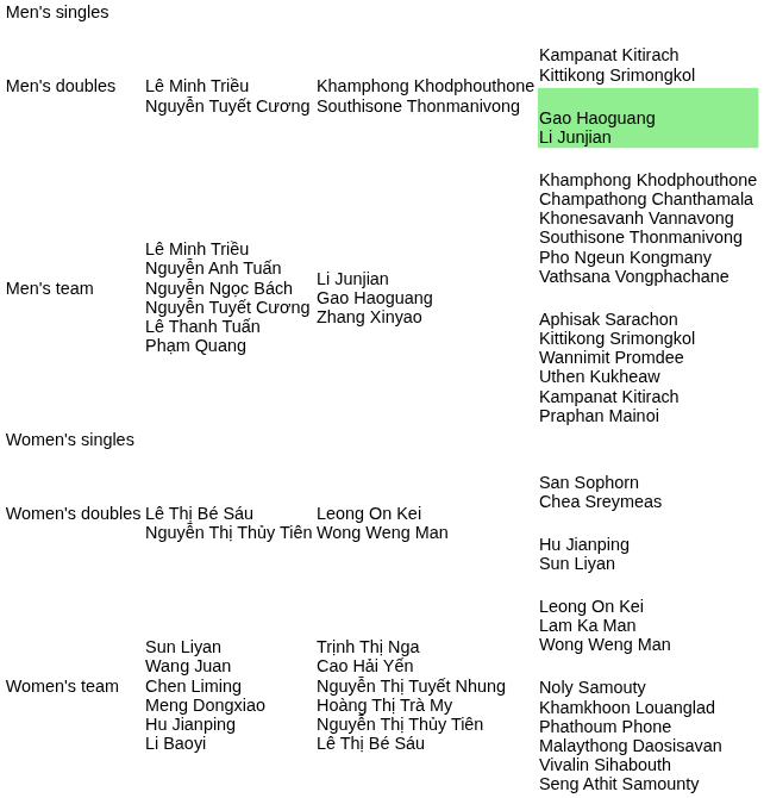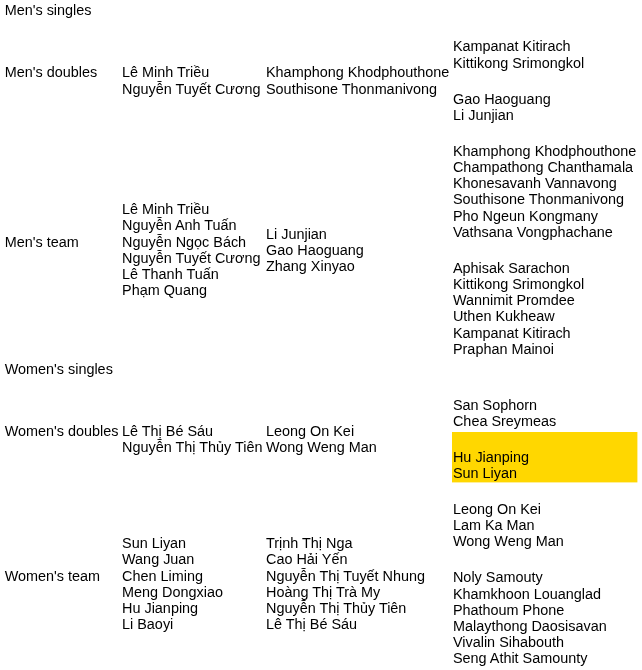 <table>
 <tr>
 <td rowspan=2>Men's singles</td>
 <td rowspan=2></td>
 <td rowspan=2></td>
 <td></td>
 </tr>
 <tr>
 <td></td>
 </tr>
 <tr>
 <td rowspan=2>Men's doubles</td>
 <td rowspan=2><br>Lê Minh Triều<br>Nguyễn Tuyết Cương</td>
 <td rowspan=2><br>Khamphong Khodphouthone<br>Southisone Thonmanivong</td>
 <td><br>Kampanat Kitirach<br>Kittikong Srimongkol</td>
 </tr>
 <tr>
-<td style="background: lightgreen;"><br>Gao Haoguang<br>Li Junjian</td>
+<td><br>Gao Haoguang<br>Li Junjian</td>
 </tr>
 <tr>
 <td rowspan=2>Men's team</td>
 <td rowspan=2><br>Lê Minh Triều<br>Nguyễn Anh Tuấn<br>Nguyễn Ngọc Bách<br>Nguyễn Tuyết Cương<br>Lê Thanh Tuấn<br>Phạm Quang</td>
 <td rowspan=2><br>Li Junjian<br>Gao Haoguang<br>Zhang Xinyao</td>
 <td><br>Khamphong Khodphouthone<br>Champathong Chanthamala<br>Khonesavanh Vannavong<br>Southisone Thonmanivong<br>Pho Ngeun Kongmany<br>Vathsana Vongphachane</td>
 </tr>
 <tr>
 <td><br>Aphisak Sarachon<br>Kittikong Srimongkol<br>Wannimit Promdee<br>Uthen Kukheaw<br>Kampanat Kitirach<br>Praphan Mainoi</td>
 </tr>
 <tr>
 <td rowspan=2>Women's singles</td>
 <td rowspan=2></td>
 <td rowspan=2></td>
 <td></td>
 </tr>
 <tr>
 <td></td>
 </tr>
 <tr>
 <td rowspan=2>Women's doubles</td>
 <td rowspan=2><br>Lê Thị Bé Sáu<br>Nguyễn Thị Thủy Tiên</td>
 <td rowspan=2><br>Leong On Kei<br>Wong Weng Man</td>
 <td><br>San Sophorn<br>Chea Sreymeas</td>
 </tr>
 <tr>
-<td><br>Hu Jianping<br>Sun Liyan</td>
+<td style="background: gold;"><br>Hu Jianping<br>Sun Liyan</td>
 </tr>
 <tr>
 <td rowspan=2>Women's team</td>
 <td rowspan=2><br>Sun Liyan<br>Wang Juan<br>Chen Liming<br>Meng Dongxiao<br>Hu Jianping<br>Li Baoyi</td>
 <td rowspan=2><br>Trịnh Thị Nga<br>Cao Hải Yến<br>Nguyễn Thị Tuyết Nhung<br>Hoàng Thị Trà My<br>Nguyễn Thị Thủy Tiên<br>Lê Thị Bé Sáu</td>
 <td><br>Leong On Kei<br>Lam Ka Man<br>Wong Weng Man</td>
 </tr>
 <tr>
 <td><br>Noly Samouty<br>Khamkhoon Louanglad<br>Phathoum Phone<br>Malaythong Daosisavan<br>Vivalin Sihabouth<br>Seng Athit Samounty</td>
 </tr>
 </table>
